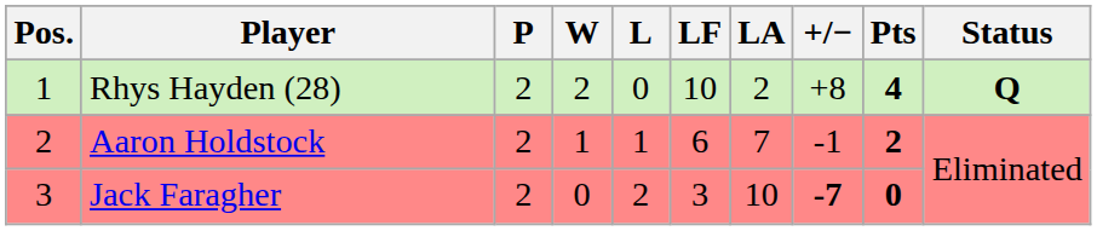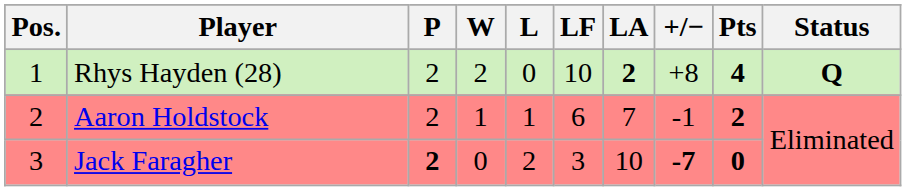 <table class="wikitable" style="text-align:center; margin: 1em auto 1em auto, align:left">
 <tr>
 <th width=20>Pos.</th>
 <th width=185>Player</th>
 <th width=20>P</th>
 <th width=20>W</th>
 <th width=20>L</th>
 <th width=20>LF</th>
 <th width=20>LA</th>
 <th width=25>+/−</th>
 <th width=20>Pts</th>
 <th width=70>Status</th>
 </tr>
 <tr style="background:#D0F0C0;">
 <td>1</td>
 <td align=left> Rhys Hayden (28)</td>
 <td>2</td>
 <td>2</td>
 <td>0</td>
 <td>10</td>
-<td>2</td>
+<td><strong>2</strong></td>
 <td>+8</td>
 <td><strong>4</strong></td>
 <td rowspan=1><strong>Q</strong></td>
 </tr>
 <tr style="background:#FF8888;">
 <td>2</td>
 <td align=left> <a href='#'>Aaron Holdstock</a></td>
 <td>2</td>
 <td>1</td>
 <td>1</td>
 <td>6</td>
 <td>7</td>
 <td>-1</td>
 <td><strong>2</strong></td>
 <td rowspan=2>Eliminated</td>
 </tr>
 <tr style="background:#FF8888;">
 <td>3</td>
 <td align=left> <a href='#'>Jack Faragher</a></td>
-<td>2</td>
+<td><strong>2</strong></td>
 <td>0</td>
 <td>2</td>
 <td>3</td>
 <td>10</td>
 <td><strong>-7</strong></td>
 <td><strong>0</strong></td>
 </tr>
 </table>
